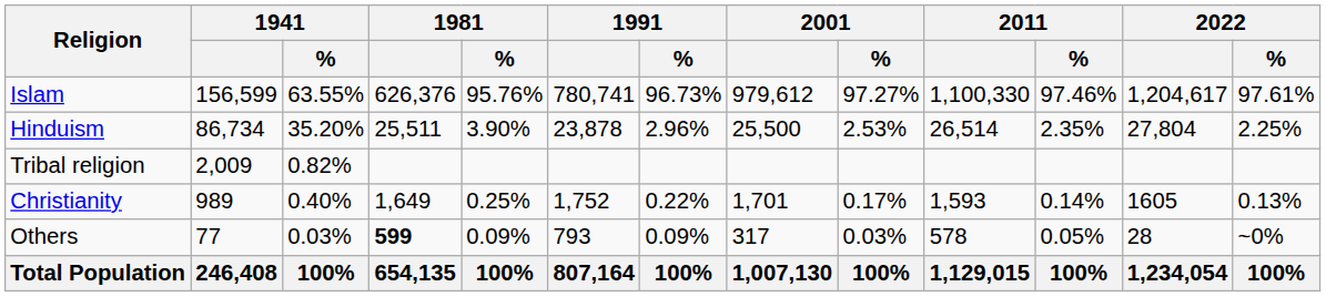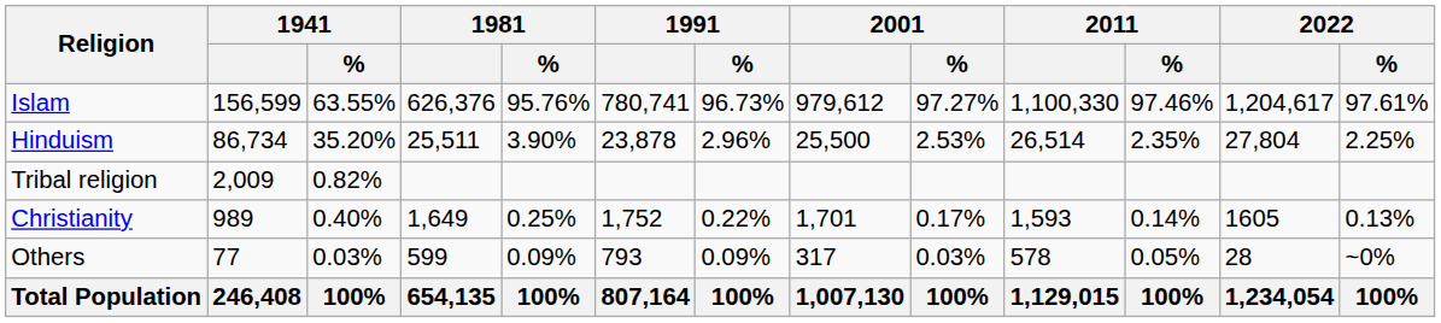 <table class="wikitable sortable">
 <tr>
 <th rowspan="2">Religion</th>
 <th colspan="2">1941</th>
 <th colspan="2">1981</th>
 <th colspan="2">1991</th>
 <th colspan="2">2001</th>
 <th colspan="2">2011</th>
 <th colspan="2">2022</th>
 </tr>
 <tr>
 <th></th>
 <th>%</th>
 <th></th>
 <th>%</th>
 <th></th>
 <th>%</th>
 <th></th>
 <th>%</th>
 <th></th>
 <th>%</th>
 <th></th>
 <th>%</th>
 </tr>
 <tr>
 <td><a href='#'>Islam</a> </td>
 <td>156,599</td>
 <td>63.55%</td>
 <td>626,376</td>
 <td>95.76%</td>
 <td>780,741</td>
 <td>96.73%</td>
 <td>979,612</td>
 <td>97.27%</td>
 <td>1,100,330</td>
 <td>97.46%</td>
 <td>1,204,617</td>
 <td>97.61%</td>
 </tr>
 <tr>
 <td><a href='#'>Hinduism</a> </td>
 <td>86,734</td>
 <td>35.20%</td>
 <td>25,511</td>
 <td>3.90%</td>
 <td>23,878</td>
 <td>2.96%</td>
 <td>25,500</td>
 <td>2.53%</td>
 <td>26,514</td>
 <td>2.35%</td>
 <td>27,804</td>
 <td>2.25%</td>
 </tr>
 <tr>
 <td>Tribal religion</td>
 <td>2,009</td>
 <td>0.82%</td>
 <td></td>
 <td></td>
 <td></td>
 <td></td>
 <td></td>
 <td></td>
 <td></td>
 <td></td>
 <td></td>
 <td></td>
 </tr>
 <tr>
 <td><a href='#'>Christianity</a> </td>
 <td>989</td>
 <td>0.40%</td>
 <td>1,649</td>
 <td>0.25%</td>
 <td>1,752</td>
 <td>0.22%</td>
 <td>1,701</td>
 <td>0.17%</td>
 <td>1,593</td>
 <td>0.14%</td>
 <td>1605</td>
 <td>0.13%</td>
 </tr>
 <tr>
 <td>Others </td>
 <td>77</td>
 <td>0.03%</td>
-<td><strong>599</strong></td>
+<td>599</td>
 <td>0.09%</td>
 <td>793</td>
 <td>0.09%</td>
 <td>317</td>
 <td>0.03%</td>
 <td>578</td>
 <td>0.05%</td>
 <td>28</td>
 <td>~0%</td>
 </tr>
 <tr>
 <th>Total Population</th>
 <th>246,408</th>
 <th>100%</th>
 <th>654,135</th>
 <th>100%</th>
 <th>807,164</th>
 <th>100%</th>
 <th>1,007,130</th>
 <th>100%</th>
 <th>1,129,015</th>
 <th>100%</th>
 <th>1,234,054</th>
 <th>100%</th>
 </tr>
 </table>
